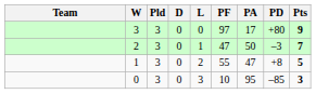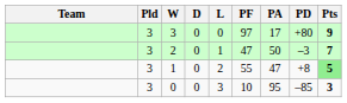 <table class="wikitable" style="text-align:center;">
 <tr>
 <th width=175>Team</th>
+<th width=25 abbr="Played">Pld</th>
 <th width=25 abbr="Won">W</th>
-<th width=25 abbr="Played">Pld</th>
 <th width=25 abbr="Drawn">D</th>
 <th width=25 abbr="Lost">L</th>
 <th width=32 abbr="Points for">PF</th>
 <th width=32 abbr="Points against">PA</th>
 <th width=32 abbr="Points difference">PD</th>
 <th width=25 abbr="Points">Pts</th>
 </tr>
 <tr bgcolor=ccffcc>
 <td align=left></td>
 <td>3</td>
 <td>3</td>
 <td>0</td>
 <td>0</td>
 <td>97</td>
 <td>17</td>
 <td>+80</td>
 <td><strong>9</strong></td>
 </tr>
 <tr bgcolor=ccffcc>
 <td align=left></td>
+<td>3</td>
 <td>2</td>
-<td>3</td>
 <td>0</td>
 <td>1</td>
 <td>47</td>
 <td>50</td>
 <td>–3</td>
 <td><strong>7</strong></td>
 </tr>
 <tr>
 <td align=left></td>
+<td>3</td>
 <td>1</td>
-<td>3</td>
 <td>0</td>
 <td>2</td>
 <td>55</td>
 <td>47</td>
 <td>+8</td>
-<td><strong>5</strong></td>
+<td style="background: lightgreen;"><strong>5</strong></td>
 </tr>
 <tr>
 <td align=left></td>
+<td>3</td>
 <td>0</td>
-<td>3</td>
 <td>0</td>
 <td>3</td>
 <td>10</td>
 <td>95</td>
 <td>–85</td>
 <td><strong>3</strong></td>
 </tr>
 </table>
